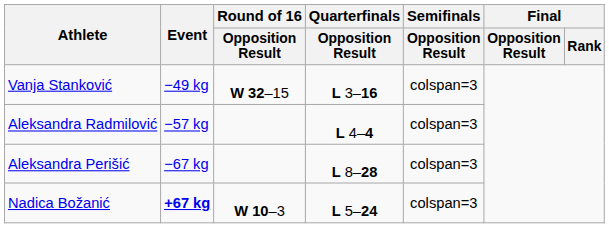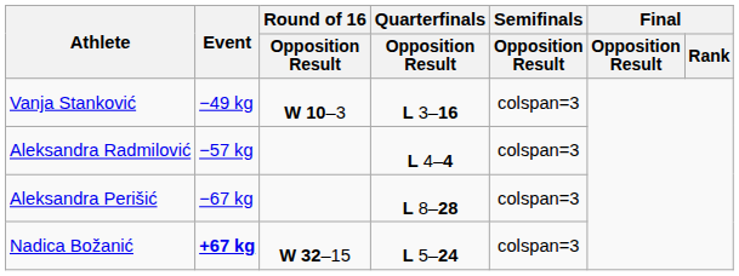 <table class="wikitable" style="font-size:90%">
 <tr>
 <th rowspan="2">Athlete</th>
 <th rowspan="2">Event</th>
 <th>Round of 16</th>
 <th>Quarterfinals</th>
 <th>Semifinals</th>
 <th colspan=2>Final</th>
 </tr>
 <tr style="font-size:95%">
 <th>Opposition<br>Result</th>
 <th>Opposition<br>Result</th>
 <th>Opposition<br>Result</th>
 <th>Opposition<br>Result</th>
 <th>Rank</th>
 </tr>
 <tr align=center>
 <td align=left><a href='#'>Vanja Stanković</a></td>
 <td align=left><a href='#'>−49 kg</a></td>
-<td><br><strong>W</strong> <strong>32</strong>–15</td>
+<td><br><strong>W</strong> <strong>10</strong>–3</td>
 <td><br><strong>L</strong> 3–<strong>16</strong></td>
 <td>colspan=3 </td>
 </tr>
 <tr align=center>
 <td align=left><a href='#'>Aleksandra Radmilović</a></td>
 <td align=left><a href='#'>−57 kg</a></td>
 <td></td>
 <td><br><strong>L</strong> 4–<strong>4</strong></td>
 <td>colspan=3 </td>
 </tr>
 <tr align=center>
 <td align=left><a href='#'>Aleksandra Perišić</a></td>
 <td align=left><a href='#'>−67 kg</a></td>
 <td></td>
 <td><br><strong>L</strong> 8–<strong>28</strong></td>
 <td>colspan=3 </td>
 </tr>
 <tr align=center>
 <td align=left><a href='#'>Nadica Božanić</a></td>
 <td align=left><strong><a href='#'>+67 kg</a></strong></td>
-<td><br><strong>W</strong> <strong>10</strong>–3</td>
+<td><br><strong>W</strong> <strong>32</strong>–15</td>
 <td><br><strong>L</strong> 5–<strong>24</strong></td>
 <td>colspan=3 </td>
 </tr>
 </table>
